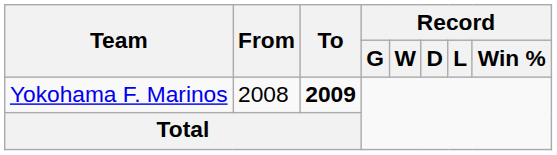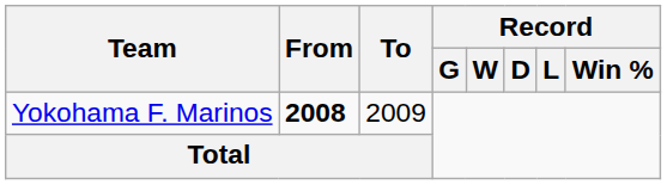 <table class="wikitable" style="text-align: center">
 <tr>
 <th rowspan="2">Team</th>
 <th rowspan="2">From</th>
 <th rowspan="2">To</th>
 <th colspan="5">Record</th>
 </tr>
 <tr>
 <th>G</th>
 <th>W</th>
 <th>D</th>
 <th>L</th>
 <th>Win %</th>
 </tr>
 <tr>
 <td align="left"><a href='#'>Yokohama F. Marinos</a></td>
-<td align="left">2008</td>
-<td align="left"><strong>2009<br></strong></td>
+<td align="left"><strong>2008</strong></td>
+<td align="left">2009<br></td>
 </tr>
 <tr>
 <th colspan="3">Total<br></th>
 </tr>
 </table>
